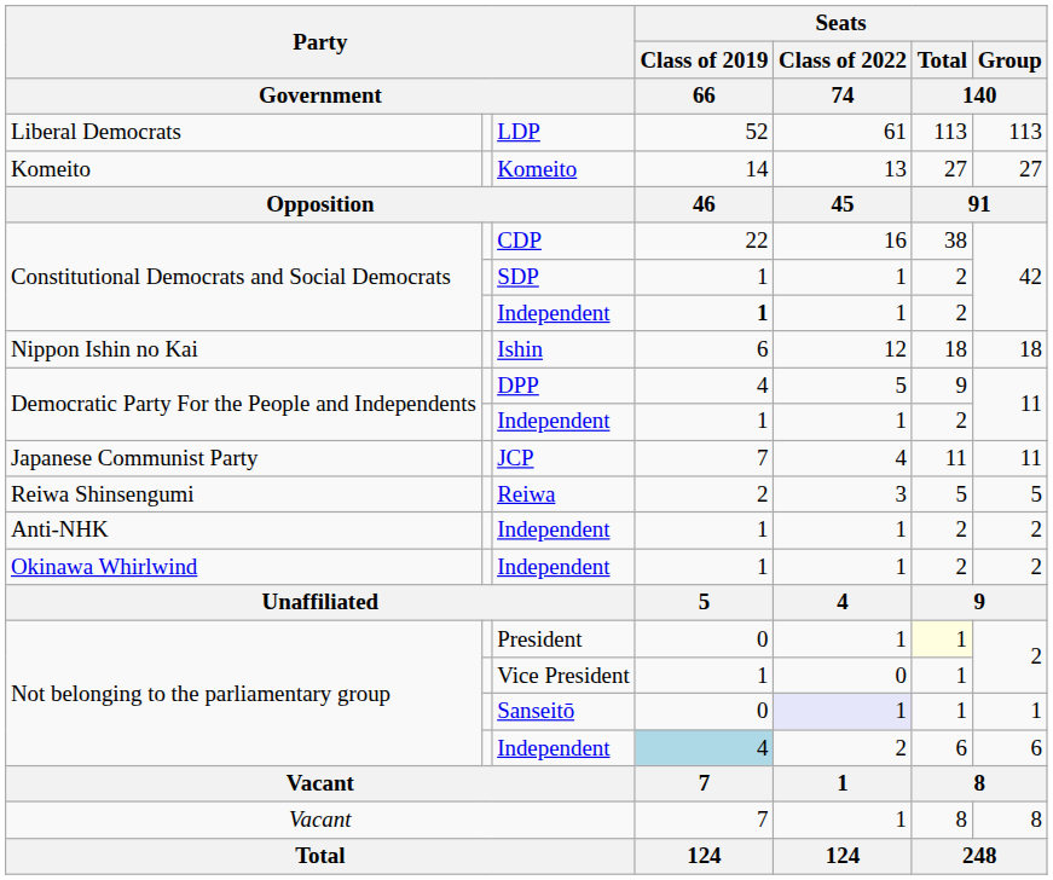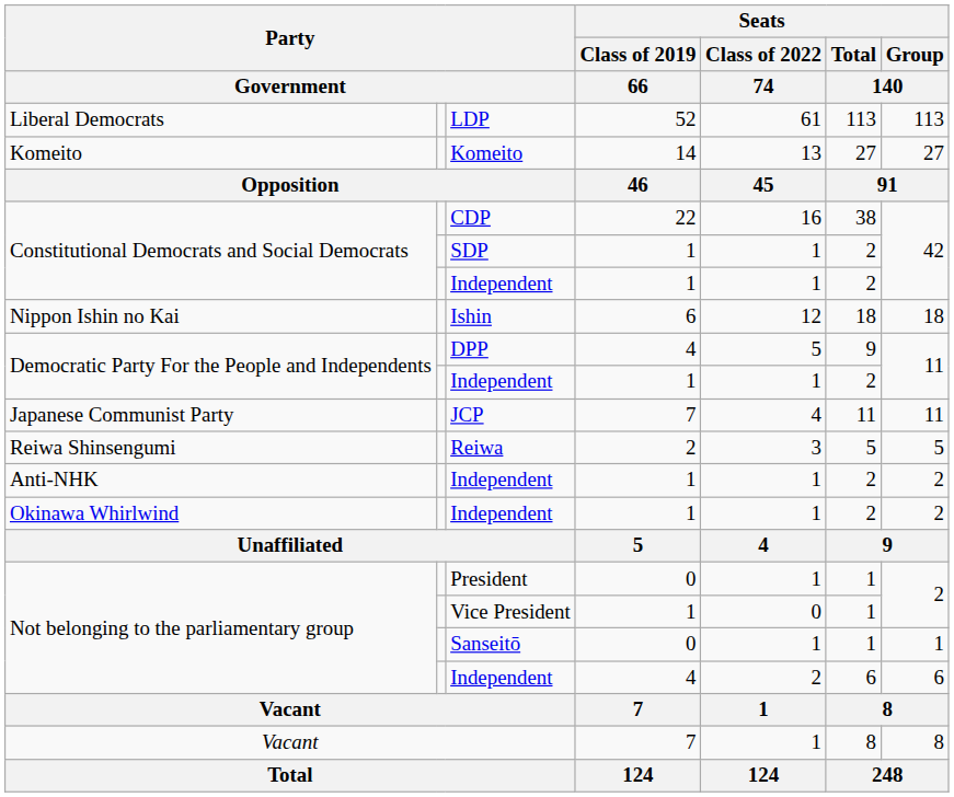 <table class="wikitable">
 <tr>
 <th rowspan=2 colspan=3>Party</th>
 <th colspan=4>Seats</th>
 </tr>
 <tr>
 <th>Class of 2019</th>
 <th>Class of 2022</th>
 <th>Total</th>
 <th>Group</th>
 </tr>
 <tr>
 <th colspan=3>Government</th>
 <th>66</th>
 <th>74</th>
 <th colspan=2>140</th>
 </tr>
 <tr>
 <td>Liberal Democrats</td>
 <td style="background-color:"></td>
 <td><a href='#'>LDP</a></td>
 <td style="text-align:right;">52</td>
 <td style="text-align:right;">61</td>
 <td style="text-align:right;">113</td>
 <td style="text-align:right;">113</td>
 </tr>
 <tr>
 <td>Komeito</td>
 <td style="background-color:"></td>
 <td><a href='#'>Komeito</a></td>
 <td style="text-align:right;">14</td>
 <td style="text-align:right;">13</td>
 <td style="text-align:right;">27</td>
 <td style="text-align:right;">27</td>
 </tr>
 <tr>
 <th colspan=3>Opposition</th>
 <th>46</th>
 <th>45</th>
 <th colspan=2>91</th>
 </tr>
 <tr>
 <td rowspan=3>Constitutional Democrats and Social Democrats</td>
 <td style="background-color:"></td>
 <td><a href='#'>CDP</a></td>
 <td style="text-align:right;">22</td>
 <td style="text-align:right;">16</td>
 <td style="text-align:right;">38</td>
 <td rowspan=3 style="text-align:right;">42</td>
 </tr>
 <tr>
 <td style="background-color:"></td>
 <td><a href='#'>SDP</a></td>
 <td style="text-align:right;">1</td>
 <td style="text-align:right;">1</td>
 <td style="text-align:right;">2</td>
 </tr>
 <tr>
 <td style="background-color:"></td>
 <td><a href='#'>Independent</a></td>
-<td style="text-align:right;"><strong>1</strong></td>
+<td style="text-align:right;">1</td>
 <td style="text-align:right;">1</td>
 <td style="text-align:right;">2</td>
 </tr>
 <tr>
 <td>Nippon Ishin no Kai</td>
 <td style="background-color:"></td>
 <td><a href='#'>Ishin</a></td>
 <td style="text-align:right;">6</td>
 <td style="text-align:right;">12</td>
 <td style="text-align:right;">18</td>
 <td style="text-align:right;">18</td>
 </tr>
 <tr>
 <td rowspan=2>Democratic Party For the People and Independents</td>
 <td style="background-color:"></td>
 <td><a href='#'>DPP</a></td>
 <td style="text-align:right;">4</td>
 <td style="text-align:right;">5</td>
 <td style="text-align:right;">9</td>
 <td rowspan=2 style="text-align:right;">11</td>
 </tr>
 <tr>
 <td style="background-color:"></td>
 <td><a href='#'>Independent</a></td>
 <td style="text-align:right;">1</td>
 <td style="text-align:right;">1</td>
 <td style="text-align:right;">2</td>
 </tr>
 <tr>
 <td>Japanese Communist Party</td>
 <td style="background-color:"></td>
 <td><a href='#'>JCP</a></td>
 <td style="text-align:right;">7</td>
 <td style="text-align:right;">4</td>
 <td style="text-align:right;">11</td>
 <td style="text-align:right;">11</td>
 </tr>
 <tr>
 <td>Reiwa Shinsengumi</td>
 <td style="background-color:"></td>
 <td><a href='#'>Reiwa</a></td>
 <td style="text-align:right;">2</td>
 <td style="text-align:right;">3</td>
 <td style="text-align:right;">5</td>
 <td style="text-align:right;">5</td>
 </tr>
 <tr>
 <td>Anti-NHK</td>
 <td style="background-color:"></td>
 <td><a href='#'>Independent</a></td>
 <td style="text-align:right;">1</td>
 <td style="text-align:right;">1</td>
 <td style="text-align:right;">2</td>
 <td style="text-align:right;">2</td>
 </tr>
 <tr>
 <td><a href='#'>Okinawa Whirlwind</a></td>
 <td style="background-color:"></td>
 <td><a href='#'>Independent</a></td>
 <td style="text-align:right;">1</td>
 <td style="text-align:right;">1</td>
 <td style="text-align:right;">2</td>
 <td style="text-align:right;">2</td>
 </tr>
 <tr>
 <th colspan=3>Unaffiliated</th>
 <th>5</th>
 <th>4</th>
 <th colspan=2>9</th>
 </tr>
 <tr>
 <td rowspan=4>Not belonging to the parliamentary group</td>
 <td style="background-color:"></td>
 <td>President</td>
 <td style="text-align:right;">0</td>
 <td style="text-align:right;">1</td>
-<td style="background: lightyellow; text-align:right;">1</td>
+<td style="text-align:right;">1</td>
 <td rowspan=2 style="text-align:right;">2</td>
 </tr>
 <tr>
 <td style="background-color:"></td>
 <td>Vice President</td>
 <td style="text-align:right;">1</td>
 <td style="text-align:right;">0</td>
 <td style="text-align:right;">1</td>
 </tr>
 <tr>
 <td style="background-color:"></td>
 <td><a href='#'>Sanseitō</a></td>
 <td style="text-align:right;">0</td>
-<td style="background: lavender; text-align:right;">1</td>
+<td style="text-align:right;">1</td>
 <td style="text-align:right;">1</td>
 <td style="text-align:right;">1</td>
 </tr>
 <tr>
 <td style="background-color:"></td>
 <td><a href='#'>Independent</a></td>
-<td style="background: lightblue; text-align:right;">4</td>
+<td style="text-align:right;">4</td>
 <td style="text-align:right;">2</td>
 <td style="text-align:right;">6</td>
 <td style="text-align:right;">6</td>
 </tr>
 <tr>
 <th colspan=3>Vacant</th>
 <th>7</th>
 <th>1</th>
 <th colspan=2>8</th>
 </tr>
 <tr>
 <td colspan=3 style="text-align:center;"><em>Vacant</em></td>
 <td style="text-align:right;">7</td>
 <td style="text-align:right;">1</td>
 <td style="text-align:right;">8</td>
 <td style="text-align:right;">8</td>
 </tr>
 <tr>
 <th colspan=3>Total</th>
 <th>124</th>
 <th>124</th>
 <th colspan=2>248</th>
 </tr>
 </table>
